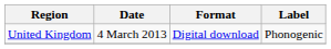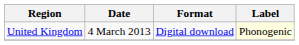 <table class=wikitable>
 <tr>
 <th>Region</th>
 <th>Date</th>
 <th>Format</th>
 <th>Label</th>
 </tr>
 <tr>
 <td><a href='#'>United Kingdom</a></td>
 <td>4 March 2013</td>
 <td><a href='#'>Digital download</a></td>
-<td>Phonogenic</td>
+<td style="background: lightyellow;">Phonogenic</td>
 </tr>
 <tr>
 </tr>
 </table>
